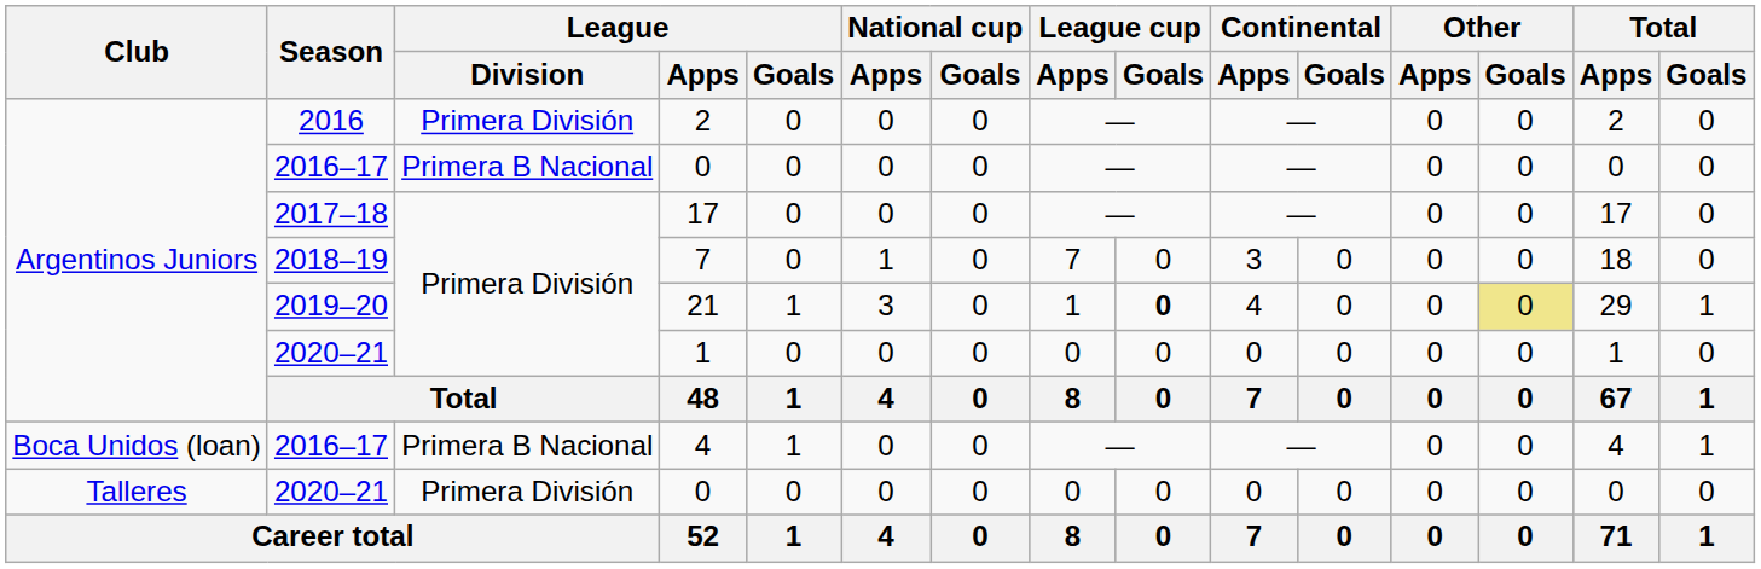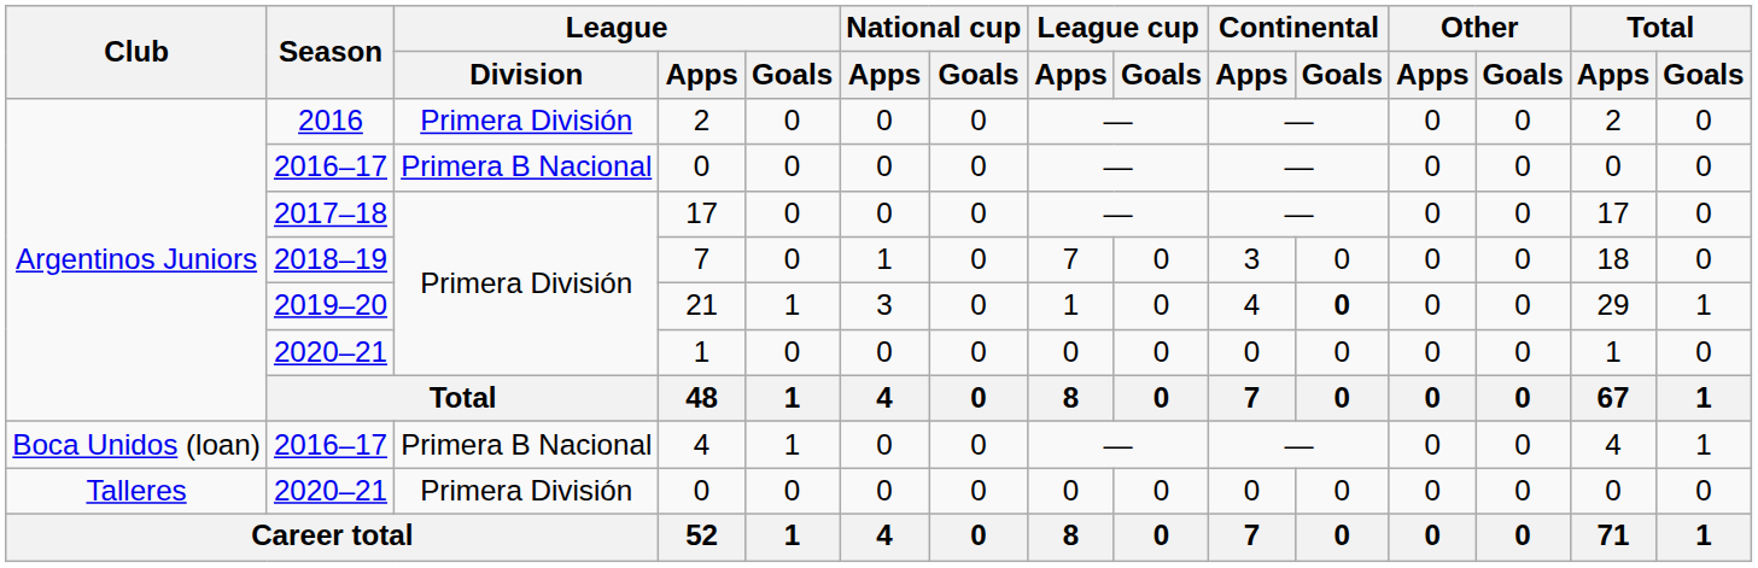 <table class="wikitable" style="text-align:center">
 <tr>
 <th rowspan="2">Club</th>
 <th rowspan="2">Season</th>
 <th colspan="3">League</th>
 <th colspan="2">National cup</th>
 <th colspan="2">League cup</th>
 <th colspan="2">Continental</th>
 <th colspan="2">Other</th>
 <th colspan="2">Total</th>
 </tr>
 <tr>
 <th>Division</th>
 <th>Apps</th>
 <th>Goals</th>
 <th>Apps</th>
 <th>Goals</th>
 <th>Apps</th>
 <th>Goals</th>
 <th>Apps</th>
 <th>Goals</th>
 <th>Apps</th>
 <th>Goals</th>
 <th>Apps</th>
 <th>Goals</th>
 </tr>
 <tr>
 <td rowspan="7"><a href='#'>Argentinos Juniors</a></td>
 <td><a href='#'>2016</a></td>
 <td><a href='#'>Primera División</a></td>
 <td>2</td>
 <td>0</td>
 <td>0</td>
 <td>0</td>
 <td colspan="2">—</td>
 <td colspan="2">—</td>
 <td>0</td>
 <td>0</td>
 <td>2</td>
 <td>0</td>
 </tr>
 <tr>
 <td><a href='#'>2016–17</a></td>
 <td><a href='#'>Primera B Nacional</a></td>
 <td>0</td>
 <td>0</td>
 <td>0</td>
 <td>0</td>
 <td colspan="2">—</td>
 <td colspan="2">—</td>
 <td>0</td>
 <td>0</td>
 <td>0</td>
 <td>0</td>
 </tr>
 <tr>
 <td><a href='#'>2017–18</a></td>
 <td rowspan="4">Primera División</td>
 <td>17</td>
 <td>0</td>
 <td>0</td>
 <td>0</td>
 <td colspan="2">—</td>
 <td colspan="2">—</td>
 <td>0</td>
 <td>0</td>
 <td>17</td>
 <td>0</td>
 </tr>
 <tr>
 <td><a href='#'>2018–19</a></td>
 <td>7</td>
 <td>0</td>
 <td>1</td>
 <td>0</td>
 <td>7</td>
 <td>0</td>
 <td>3</td>
 <td>0</td>
 <td>0</td>
 <td>0</td>
 <td>18</td>
 <td>0</td>
 </tr>
 <tr>
 <td><a href='#'>2019–20</a></td>
 <td>21</td>
 <td>1</td>
 <td>3</td>
 <td>0</td>
 <td>1</td>
+<td>0</td>
+<td>4</td>
 <td><strong>0</strong></td>
-<td>4</td>
 <td>0</td>
 <td>0</td>
-<td style="background: khaki;">0</td>
 <td>29</td>
 <td>1</td>
 </tr>
 <tr>
 <td><a href='#'>2020–21</a></td>
 <td>1</td>
 <td>0</td>
 <td>0</td>
 <td>0</td>
 <td>0</td>
 <td>0</td>
 <td>0</td>
 <td>0</td>
 <td>0</td>
 <td>0</td>
 <td>1</td>
 <td>0</td>
 </tr>
 <tr>
 <th colspan="2">Total</th>
 <th>48</th>
 <th>1</th>
 <th>4</th>
 <th>0</th>
 <th>8</th>
 <th>0</th>
 <th>7</th>
 <th>0</th>
 <th>0</th>
 <th>0</th>
 <th>67</th>
 <th>1</th>
 </tr>
 <tr>
 <td><a href='#'>Boca Unidos</a> (loan)</td>
 <td><a href='#'>2016–17</a></td>
 <td>Primera B Nacional</td>
 <td>4</td>
 <td>1</td>
 <td>0</td>
 <td>0</td>
 <td colspan="2">—</td>
 <td colspan="2">—</td>
 <td>0</td>
 <td>0</td>
 <td>4</td>
 <td>1</td>
 </tr>
 <tr>
 <td><a href='#'>Talleres</a></td>
 <td><a href='#'>2020–21</a></td>
 <td>Primera División</td>
 <td>0</td>
 <td>0</td>
 <td>0</td>
 <td>0</td>
 <td>0</td>
 <td>0</td>
 <td>0</td>
 <td>0</td>
 <td>0</td>
 <td>0</td>
 <td>0</td>
 <td>0</td>
 </tr>
 <tr>
 <th colspan="3">Career total</th>
 <th>52</th>
 <th>1</th>
 <th>4</th>
 <th>0</th>
 <th>8</th>
 <th>0</th>
 <th>7</th>
 <th>0</th>
 <th>0</th>
 <th>0</th>
 <th>71</th>
 <th>1</th>
 </tr>
 </table>
